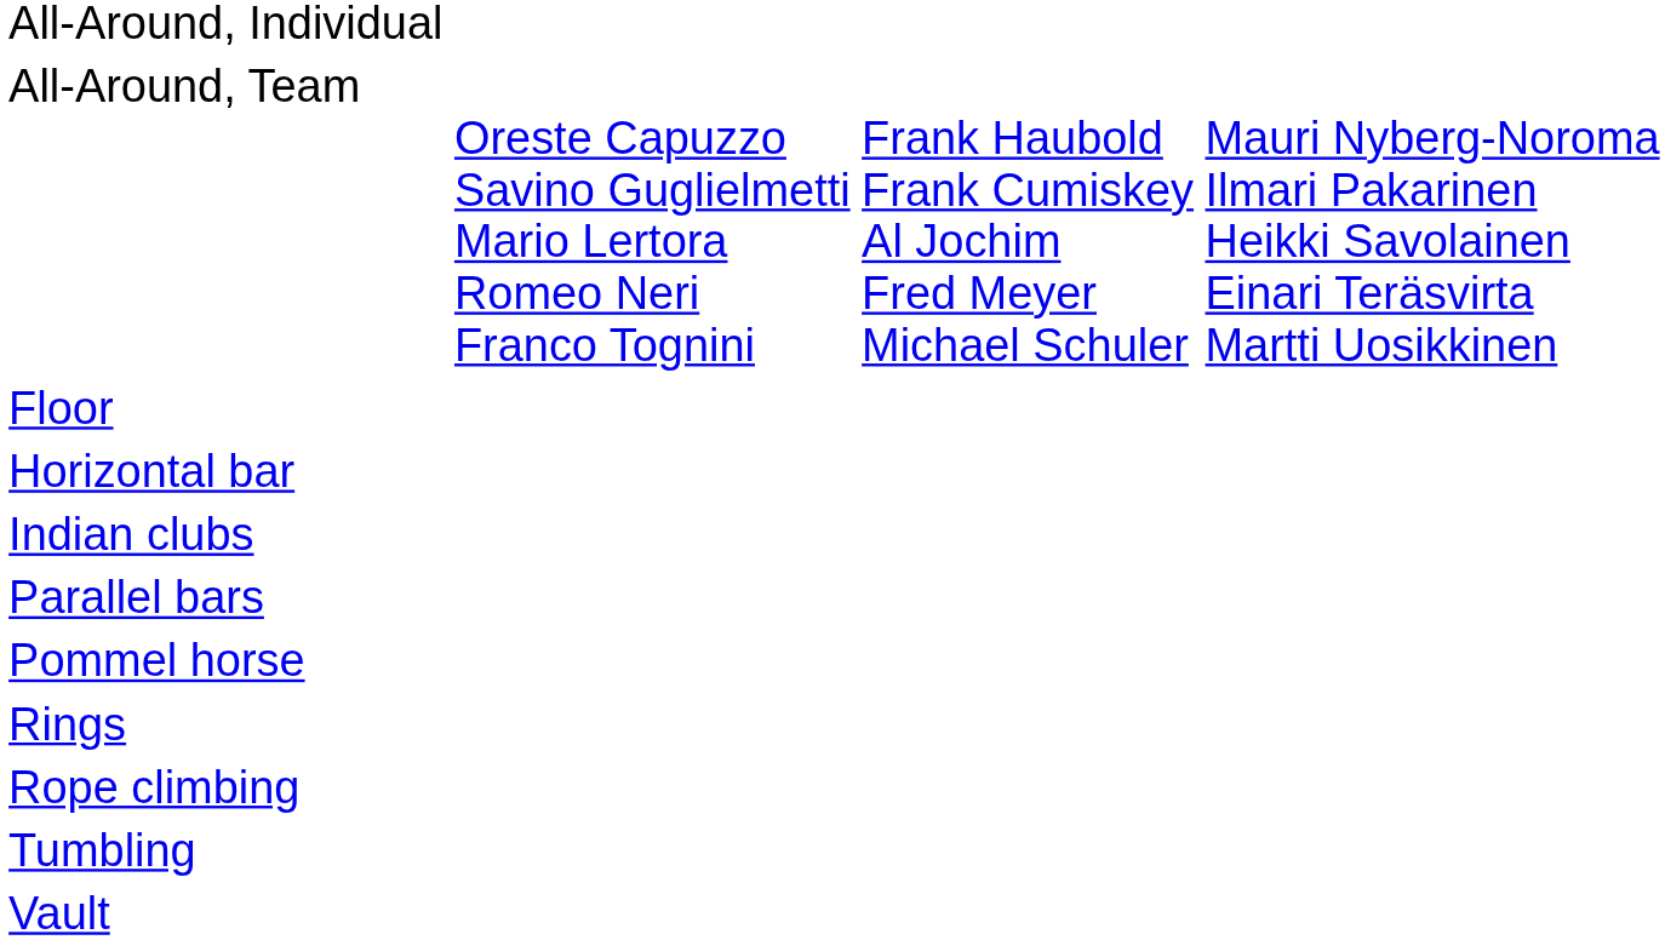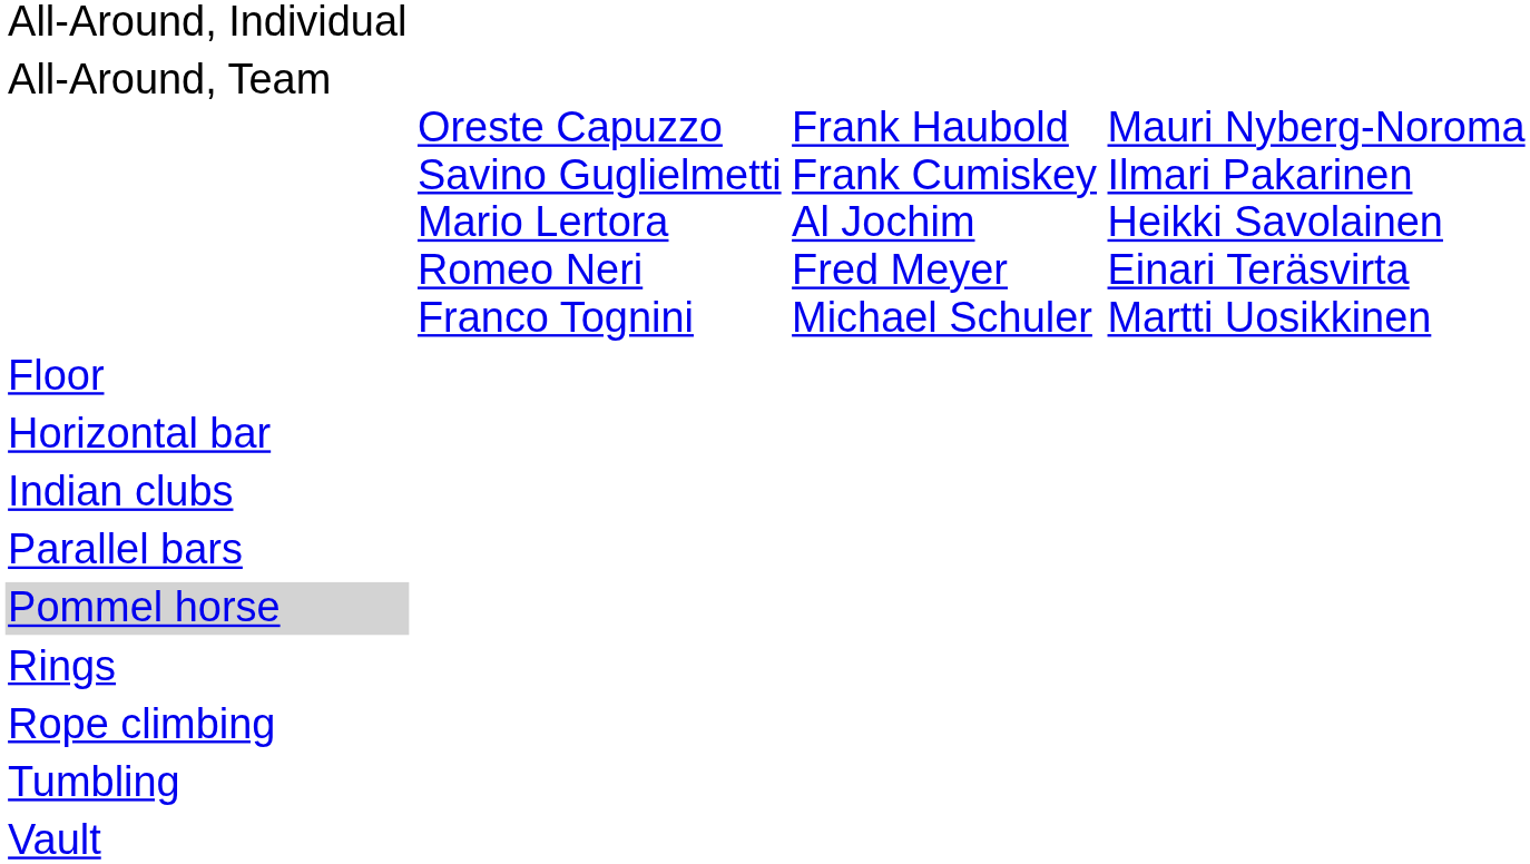 <table>
 <tr>
 <td>All-Around, Individual<br></td>
 <td></td>
 <td></td>
 <td></td>
 </tr>
 <tr valign=top>
 <td>All-Around, Team<br></td>
 <td><br><a href='#'>Oreste Capuzzo</a><br><a href='#'>Savino Guglielmetti</a><br><a href='#'>Mario Lertora</a><br><a href='#'>Romeo Neri</a><br><a href='#'>Franco Tognini</a></td>
 <td><br><a href='#'>Frank Haubold</a><br><a href='#'>Frank Cumiskey</a><br><a href='#'>Al Jochim</a><br><a href='#'>Fred Meyer</a><br><a href='#'>Michael Schuler</a></td>
 <td><br><a href='#'>Mauri Nyberg-Noroma</a><br><a href='#'>Ilmari Pakarinen</a><br><a href='#'>Heikki Savolainen</a><br><a href='#'>Einari Teräsvirta</a><br><a href='#'>Martti Uosikkinen</a></td>
 </tr>
 <tr>
 <td><a href='#'>Floor</a> <br></td>
 <td></td>
 <td></td>
 <td></td>
 </tr>
 <tr>
 <td><a href='#'>Horizontal bar</a><br></td>
 <td></td>
 <td></td>
 <td></td>
 </tr>
 <tr>
 <td><a href='#'>Indian clubs</a><br></td>
 <td></td>
 <td></td>
 <td></td>
 </tr>
 <tr>
 <td><a href='#'>Parallel bars</a><br></td>
 <td></td>
 <td></td>
 <td></td>
 </tr>
 <tr>
-<td><a href='#'>Pommel horse</a><br></td>
+<td style="background: lightgrey;"><a href='#'>Pommel horse</a><br></td>
 <td></td>
 <td></td>
 <td></td>
 </tr>
 <tr>
 <td><a href='#'>Rings</a><br></td>
 <td></td>
 <td></td>
 <td></td>
 </tr>
 <tr>
 <td><a href='#'>Rope climbing</a><br></td>
 <td></td>
 <td></td>
 <td></td>
 </tr>
 <tr>
 <td><a href='#'>Tumbling</a><br></td>
 <td></td>
 <td></td>
 <td></td>
 </tr>
 <tr>
 <td><a href='#'>Vault</a><br></td>
 <td></td>
 <td></td>
 <td></td>
 </tr>
 </table>
